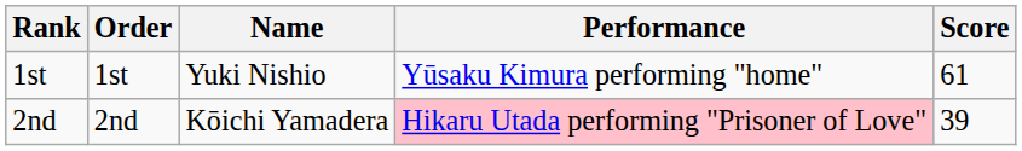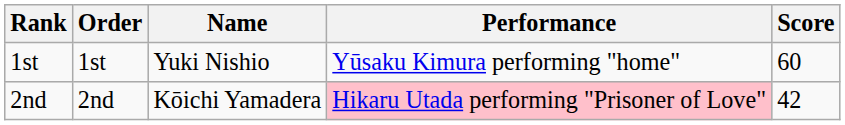 <table class="wikitable">
 <tr>
 <th>Rank</th>
 <th>Order</th>
 <th>Name</th>
 <th>Performance</th>
 <th>Score</th>
 </tr>
 <tr>
 <td>1st</td>
 <td>1st</td>
 <td>Yuki Nishio</td>
 <td><a href='#'>Yūsaku Kimura</a> performing "home"</td>
-<td>61</td>
+<td>60</td>
 </tr>
 <tr>
 <td>2nd</td>
 <td>2nd</td>
 <td>Kōichi Yamadera</td>
 <td style="background: pink;"><a href='#'>Hikaru Utada</a> performing "Prisoner of Love"</td>
-<td>39</td>
+<td>42</td>
 </tr>
 </table>
